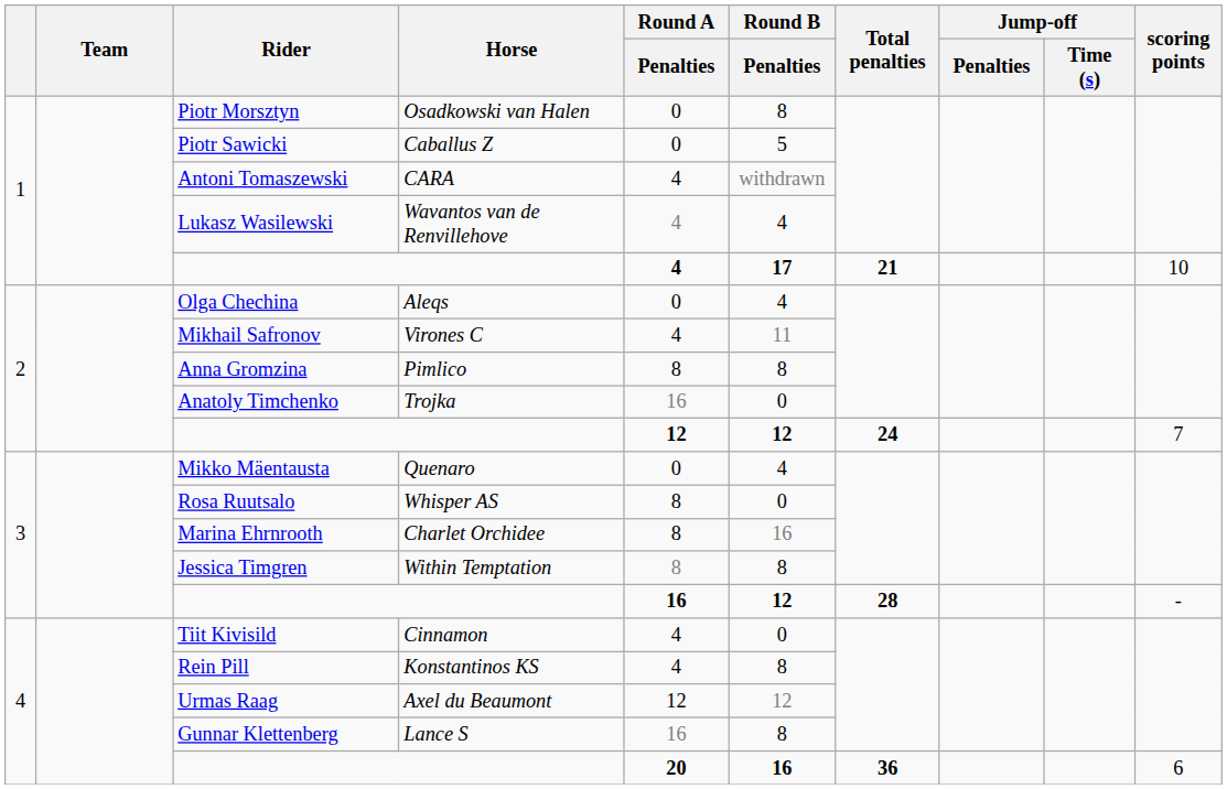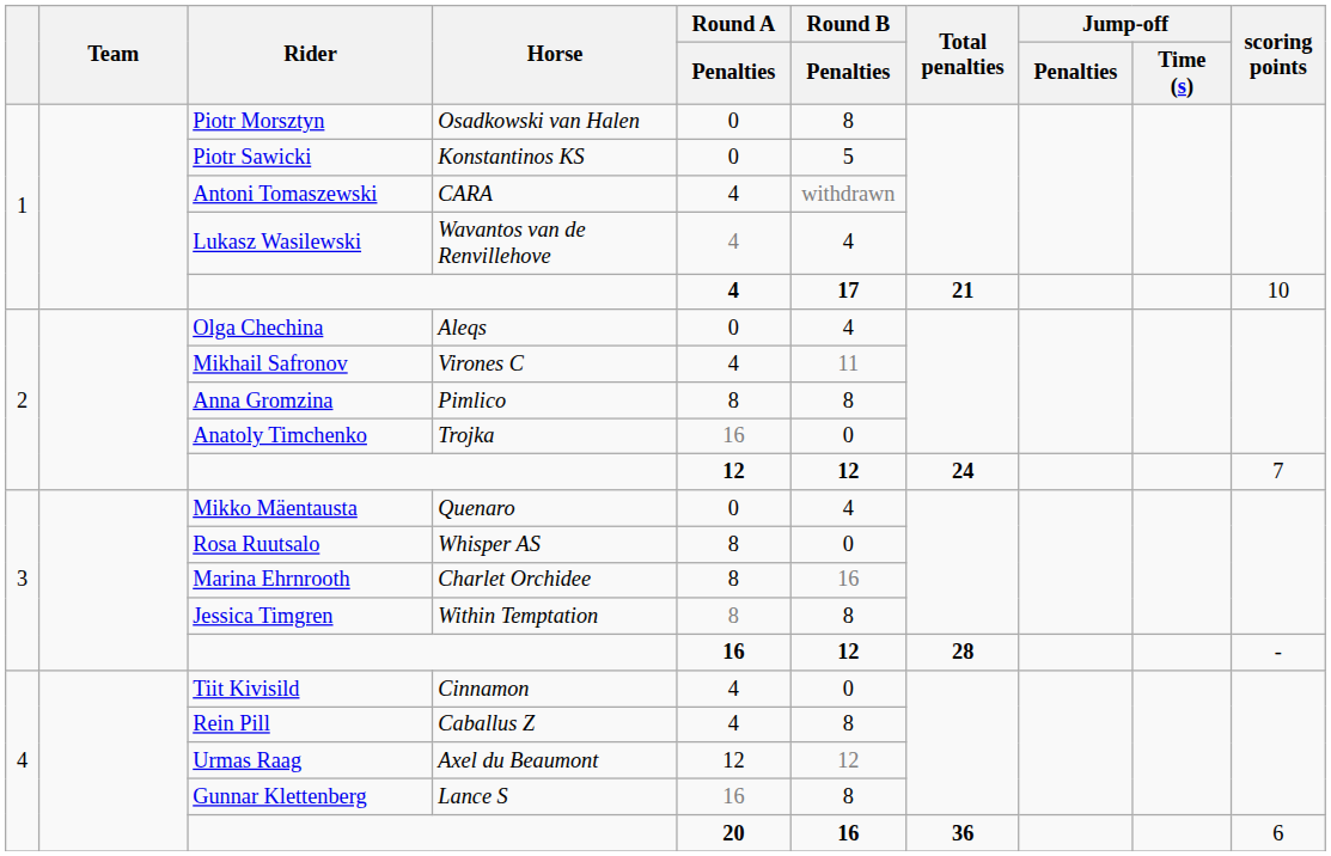 <table class="wikitable" style="font-size: 90%">
 <tr>
 <th rowspan=2 width=20></th>
 <th rowspan=2 width=125>Team</th>
 <th rowspan=2 width=200>Rider</th>
 <th rowspan=2 width=200>Horse</th>
 <th>Round A</th>
 <th>Round B</th>
 <th rowspan=2 width=75>Total penalties</th>
 <th colspan=2>Jump-off</th>
 <th rowspan=2 width=60>scoring<br>points</th>
 </tr>
 <tr>
 <th width=75>Penalties</th>
 <th width=75>Penalties</th>
 <th width=75>Penalties</th>
 <th width=75>Time<br>(<a href='#'>s</a>)</th>
 </tr>
 <tr>
 <td rowspan=5 align=center>1</td>
 <td rowspan=5></td>
 <td><a href='#'>Piotr Morsztyn</a></td>
 <td><em>Osadkowski van Halen</em></td>
 <td align=center>0</td>
 <td align=center>8</td>
 <td rowspan=4></td>
 <td rowspan=4></td>
 <td rowspan=4></td>
 <td rowspan=4></td>
 </tr>
 <tr>
 <td><a href='#'>Piotr Sawicki</a></td>
-<td><em>Caballus Z</em></td>
+<td><em>Konstantinos KS</em></td>
 <td align=center>0</td>
 <td align=center>5</td>
 </tr>
 <tr>
 <td><a href='#'>Antoni Tomaszewski</a></td>
 <td><em>CARA</em></td>
 <td align=center>4</td>
 <td align=center style=color:gray>withdrawn</td>
 </tr>
 <tr>
 <td><a href='#'>Lukasz Wasilewski</a></td>
 <td><em>Wavantos van de Renvillehove</em></td>
 <td align=center style=color:gray>4</td>
 <td align=center>4</td>
 </tr>
 <tr>
 <td colspan=2></td>
 <td align=center><strong>4</strong></td>
 <td align=center><strong>17</strong></td>
 <td align=center><strong>21</strong></td>
 <td></td>
 <td></td>
 <td align=center>10</td>
 </tr>
 <tr>
 <td rowspan=5 align=center>2</td>
 <td rowspan=5></td>
 <td><a href='#'>Olga Chechina</a></td>
 <td><em>Aleqs</em></td>
 <td align=center>0</td>
 <td align=center>4</td>
 <td rowspan=4></td>
 <td rowspan=4></td>
 <td rowspan=4></td>
 </tr>
 <tr>
 <td><a href='#'>Mikhail Safronov</a></td>
 <td><em>Virones C</em></td>
 <td align=center>4</td>
 <td align=center style=color:gray>11</td>
 </tr>
 <tr>
 <td><a href='#'>Anna Gromzina</a></td>
 <td><em>Pimlico</em></td>
 <td align=center>8</td>
 <td align=center>8</td>
 </tr>
 <tr>
 <td><a href='#'>Anatoly Timchenko</a></td>
 <td><em>Trojka</em></td>
 <td align=center style=color:gray>16</td>
 <td align=center>0</td>
 </tr>
 <tr>
 <td colspan=2></td>
 <td align=center><strong>12</strong></td>
 <td align=center><strong>12</strong></td>
 <td align=center><strong>24</strong></td>
 <td></td>
 <td></td>
 <td align=center>7</td>
 </tr>
 <tr>
 <td rowspan=5 align=center>3</td>
 <td rowspan=5></td>
 <td><a href='#'>Mikko Mäentausta</a></td>
 <td><em>Quenaro</em></td>
 <td align=center>0</td>
 <td align=center>4</td>
 <td rowspan=4></td>
 <td rowspan=4></td>
 <td rowspan=4></td>
 <td rowspan=4></td>
 </tr>
 <tr>
 <td><a href='#'>Rosa Ruutsalo</a></td>
 <td><em>Whisper AS</em></td>
 <td align=center>8</td>
 <td align=center>0</td>
 </tr>
 <tr>
 <td><a href='#'>Marina Ehrnrooth</a></td>
 <td><em>Charlet Orchidee</em></td>
 <td align=center>8</td>
 <td align=center style=color:gray>16</td>
 </tr>
 <tr>
 <td><a href='#'>Jessica Timgren</a></td>
 <td><em>Within Temptation</em></td>
 <td align=center style=color:gray>8</td>
 <td align=center>8</td>
 </tr>
 <tr>
 <td colspan=2></td>
 <td align=center><strong>16</strong></td>
 <td align=center><strong>12</strong></td>
 <td align=center><strong>28</strong></td>
 <td></td>
 <td></td>
 <td align=center>-</td>
 </tr>
 <tr>
 <td rowspan=5 align=center>4</td>
 <td rowspan=5></td>
 <td><a href='#'>Tiit Kivisild</a></td>
 <td><em>Cinnamon</em></td>
 <td align=center>4</td>
 <td align=center>0</td>
 <td rowspan=4></td>
 <td rowspan=4></td>
 <td rowspan=4></td>
 <td rowspan=4></td>
 </tr>
 <tr>
 <td><a href='#'>Rein Pill</a></td>
-<td><em>Konstantinos KS</em></td>
+<td><em>Caballus Z</em></td>
 <td align=center>4</td>
 <td align=center>8</td>
 </tr>
 <tr>
 <td><a href='#'>Urmas Raag</a></td>
 <td><em>Axel du Beaumont</em></td>
 <td align=center>12</td>
 <td align=center style=color:gray>12</td>
 </tr>
 <tr>
 <td><a href='#'>Gunnar Klettenberg</a></td>
 <td><em>Lance S</em></td>
 <td align=center style=color:gray>16</td>
 <td align=center>8</td>
 </tr>
 <tr>
 <td colspan=2></td>
 <td align=center><strong>20</strong></td>
 <td align=center><strong>16</strong></td>
 <td align=center><strong>36</strong></td>
 <td></td>
 <td></td>
 <td align=center>6</td>
 </tr>
 </table>
